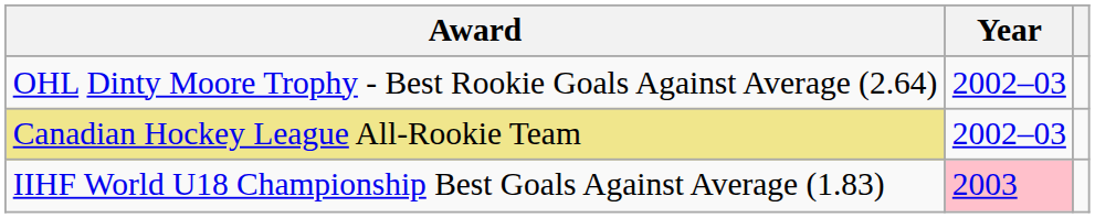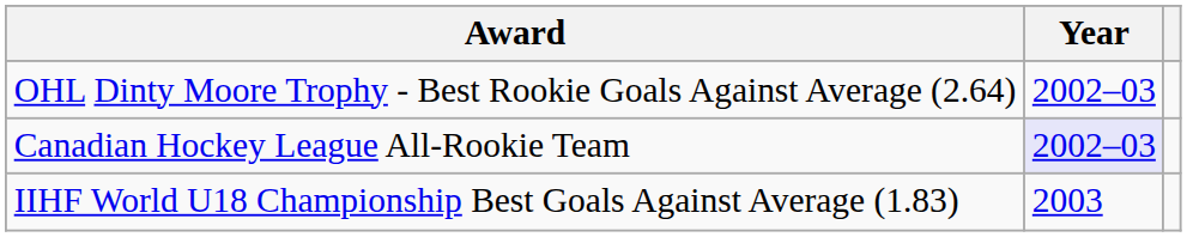 <table class="wikitable">
 <tr>
 <th>Award</th>
 <th>Year</th>
 <th></th>
 </tr>
 <tr>
 <td><a href='#'>OHL</a> <a href='#'>Dinty Moore Trophy</a> - Best Rookie Goals Against Average (2.64)</td>
 <td><a href='#'>2002–03</a></td>
 <td></td>
 </tr>
 <tr>
-<td style="background: khaki;"><a href='#'>Canadian Hockey League</a> All-Rookie Team</td>
-<td><a href='#'>2002–03</a></td>
+<td><a href='#'>Canadian Hockey League</a> All-Rookie Team</td>
+<td style="background: lavender;"><a href='#'>2002–03</a></td>
 <td></td>
 </tr>
 <tr>
 <td><a href='#'>IIHF World U18 Championship</a> Best Goals Against Average (1.83)</td>
-<td style="background: pink;"><a href='#'>2003</a></td>
+<td><a href='#'>2003</a></td>
 <td></td>
 </tr>
 </table>
